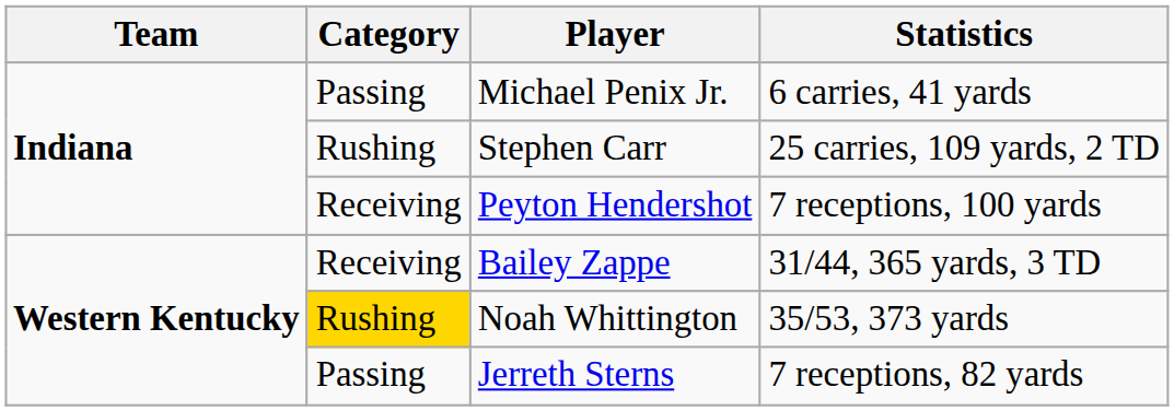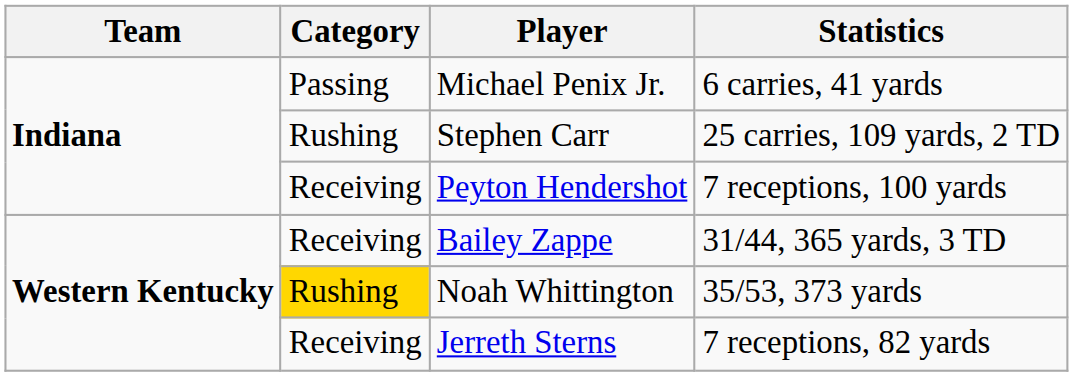 <table class="wikitable" style="float: right;">
 <tr>
 <th>Team</th>
 <th>Category</th>
 <th>Player</th>
 <th>Statistics</th>
 </tr>
 <tr>
 <td rowspan=3><strong>Indiana</strong></td>
 <td>Passing</td>
 <td>Michael Penix Jr.</td>
 <td>6 carries, 41 yards</td>
 </tr>
 <tr>
 <td>Rushing</td>
 <td>Stephen Carr</td>
 <td>25 carries, 109 yards, 2 TD</td>
 </tr>
 <tr>
 <td>Receiving</td>
 <td><a href='#'>Peyton Hendershot</a></td>
 <td>7 receptions, 100 yards</td>
 </tr>
 <tr>
 <td rowspan=3><strong>Western Kentucky</strong></td>
 <td>Receiving</td>
 <td><a href='#'>Bailey Zappe</a></td>
 <td>31/44, 365 yards, 3 TD</td>
 </tr>
 <tr>
 <td style="background: gold;">Rushing</td>
 <td>Noah Whittington</td>
 <td>35/53, 373 yards</td>
 </tr>
 <tr>
-<td>Passing</td>
+<td>Receiving</td>
 <td><a href='#'>Jerreth Sterns</a></td>
 <td>7 receptions, 82 yards</td>
 </tr>
 </table>
